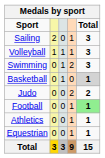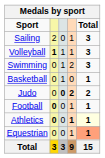 <table class="wikitable" style="font-size:85%; float:right">
 <tr style="background:#efefef;">
 <th colspan=5>Medals by sport</th>
 </tr>
 <tr align=center>
 <td><strong>Sport</strong></td>
 <td bgcolor=#f7f6a8></td>
 <td bgcolor=#dce5e5></td>
 <td bgcolor=#ffdab9></td>
 <td><strong>Total</strong></td>
 </tr>
 <tr align=center>
 <td><a href='#'>Sailing</a></td>
 <td style="background:#F7F6A8;">2</td>
 <td style="background:#DCE5E5;">0</td>
 <td style="background:#FFDAB9;">1</td>
 <td><strong>3</strong></td>
 </tr>
 <tr align=center>
 <td><a href='#'>Volleyball</a></td>
-<td style="background:#F7F6A8;">1</td>
+<td style="background:#F7F6A8;"><strong>1</strong></td>
 <td style="background:#DCE5E5;">1</td>
 <td style="background:#FFDAB9;">1</td>
 <td><strong>3</strong></td>
 </tr>
 <tr align=center>
 <td><a href='#'>Swimming</a></td>
 <td style="background:#F7F6A8;">0</td>
 <td style="background:#DCE5E5;">1</td>
 <td style="background:#FFDAB9;">2</td>
 <td><strong>3</strong></td>
 </tr>
 <tr align=center>
 <td><a href='#'>Basketball</a></td>
 <td style="background:#F7F6A8;">0</td>
 <td style="background:#DCE5E5;">1</td>
 <td style="background:#FFDAB9;">0</td>
-<td style="background: lightgrey;"><strong>1</strong></td>
+<td><strong>1</strong></td>
 </tr>
 <tr align=center>
 <td><a href='#'>Judo</a></td>
 <td style="background:#F7F6A8;">0</td>
-<td style="background:#DCE5E5;">0</td>
-<td style="background:#FFDAB9;">2</td>
+<td style="background:#DCE5E5;"><strong>0</strong></td>
+<td style="background:#FFDAB9;"><strong>2</strong></td>
 <td><strong>2</strong></td>
 </tr>
 <tr align=center>
 <td><a href='#'>Football</a></td>
-<td style="background:#F7F6A8;">0</td>
+<td style="background:#F7F6A8;"><strong>0</strong></td>
 <td style="background:#DCE5E5;">0</td>
 <td style="background:#FFDAB9;">1</td>
-<td style="background: lightgreen;"><strong>1</strong></td>
+<td><strong>1</strong></td>
 </tr>
 <tr align=center>
 <td><a href='#'>Athletics</a></td>
-<td style="background:#F7F6A8;">0</td>
+<td style="background:#F7F6A8;"><strong>0</strong></td>
 <td style="background:#DCE5E5;">0</td>
-<td style="background:#FFDAB9;">1</td>
-<td><strong>1</strong></td>
+<td style="background:#FFDAB9;"><strong>1</strong></td>
+<td style="background: lightyellow;"><strong>1</strong></td>
 </tr>
 <tr align=center>
 <td><a href='#'>Equestrian</a></td>
 <td style="background:#F7F6A8;">0</td>
 <td style="background:#DCE5E5;">0</td>
 <td style="background:#FFDAB9;">1</td>
-<td><strong>1</strong></td>
+<td style="background: lightsalmon;"><strong>1</strong></td>
 </tr>
 <tr align=center>
 <th>Total</th>
 <th style="background:gold;">3</th>
 <th style="background:silver;">3</th>
 <th style="background:#c96;">9</th>
 <th>15</th>
 </tr>
 </table>
